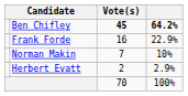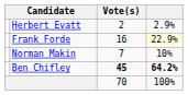 <table class="wikitable" style="text-align:left; font-size:95%; width: 250px;">
 <tr>
 <th colspan=2>Candidate</th>
 <th>Vote(s)</th>
 <th></th>
 </tr>
 <tr>
 <td style="background-color: "></td>
-<td><a href='#'>Ben Chifley</a></td>
-<td align=center><strong>45</strong></td>
-<td align=center><strong>64.2%</strong></td>
+<td><a href='#'>Herbert Evatt</a></td>
+<td align=center>2</td>
+<td align=center>2.9%</td>
 </tr>
 <tr>
 <td style="background-color: "></td>
 <td><a href='#'>Frank Forde</a></td>
 <td align=center>16</td>
-<td align=center>22.9%</td>
+<td align=center style="background: lightyellow;">22.9%</td>
 </tr>
 <tr>
 <td style="background-color: "></td>
 <td><a href='#'>Norman Makin</a></td>
 <td align=center>7</td>
 <td align=center>10%</td>
 </tr>
 <tr>
 <td style="background-color: "></td>
-<td><a href='#'>Herbert Evatt</a></td>
-<td align=center>2</td>
-<td align=center>2.9%</td>
+<td><a href='#'>Ben Chifley</a></td>
+<td align=center><strong>45</strong></td>
+<td align=center><strong>64.2%</strong></td>
 </tr>
 <tr>
 <th colspan=2></th>
 <td align=center>70</td>
 <td align=center>100%</td>
 </tr>
 </table>
